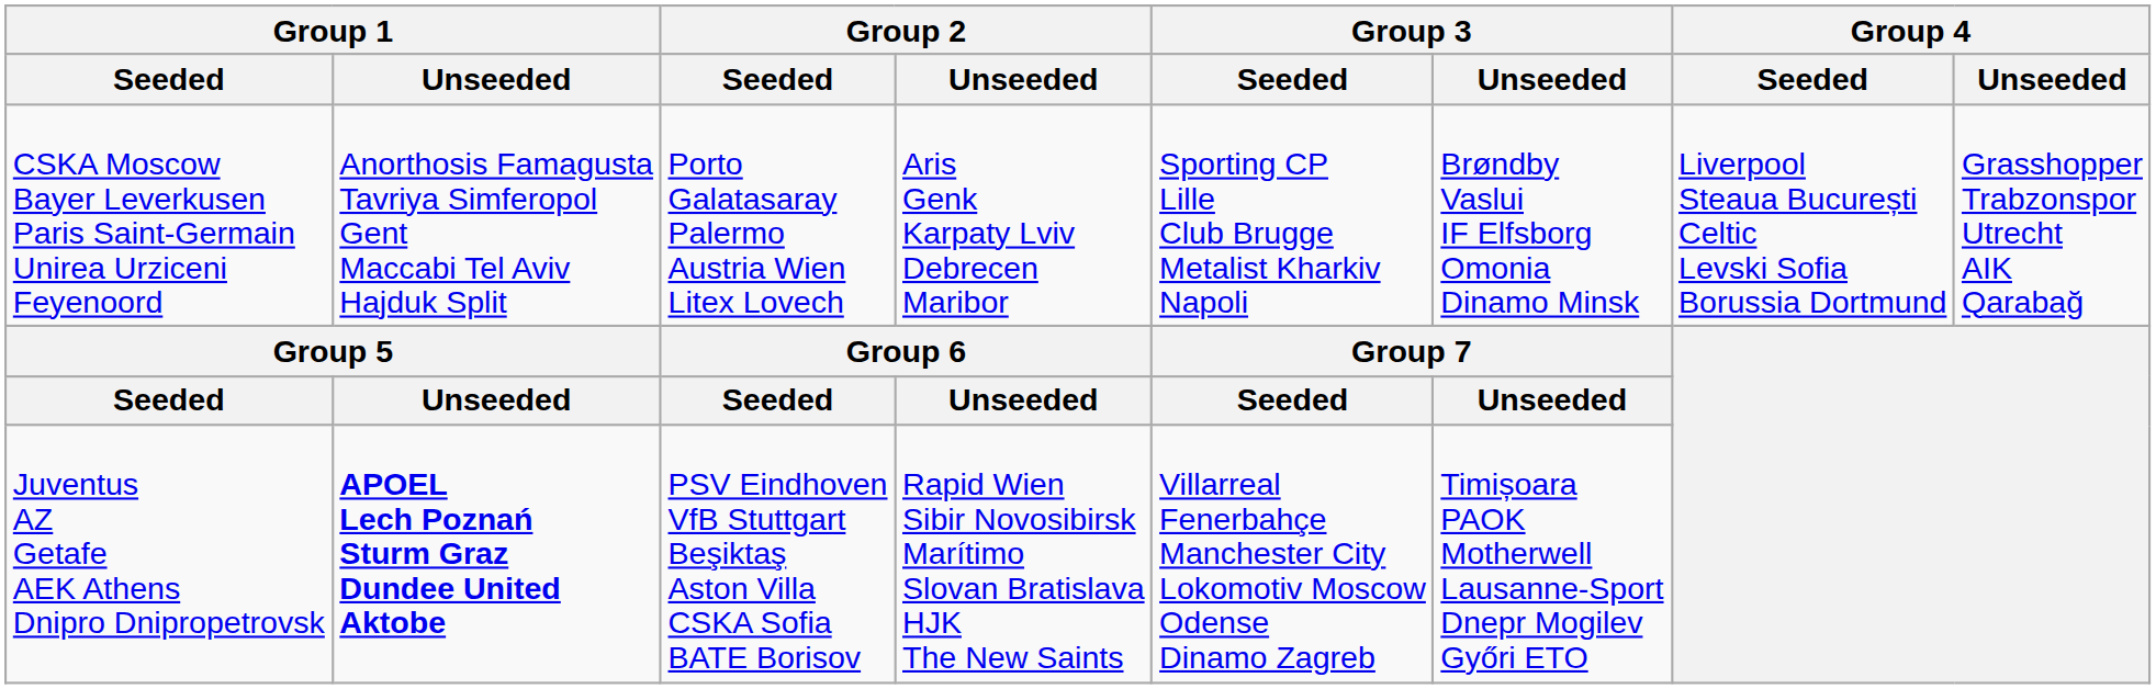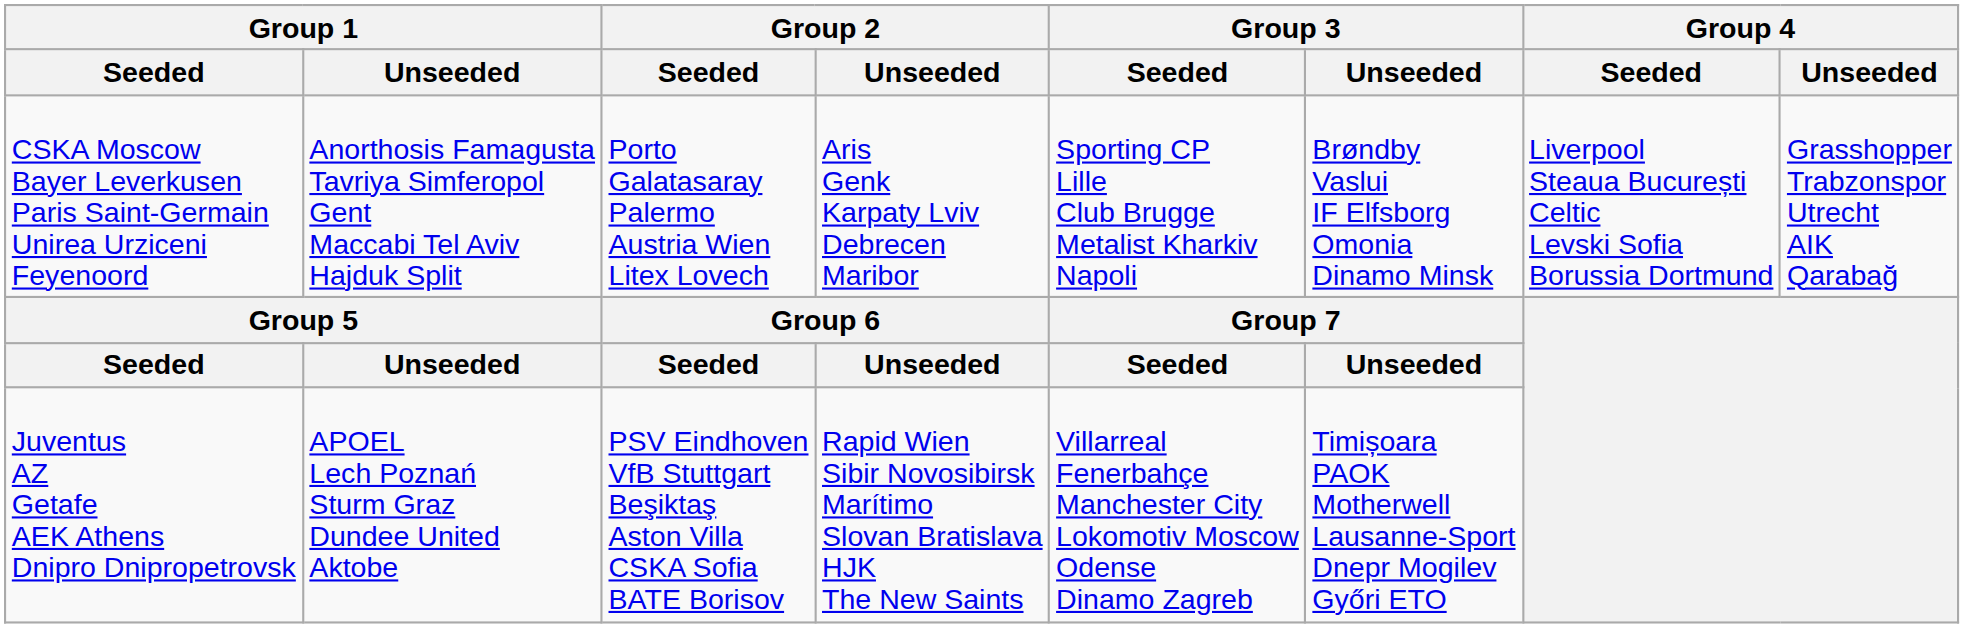 <table class="wikitable" style="font-size:85%">
 <tr>
 <th colspan=2>Group 1</th>
 <th colspan=2>Group 2</th>
 <th colspan=2>Group 3</th>
 <th colspan=2>Group 4</th>
 </tr>
 <tr>
 <th>Seeded</th>
 <th>Unseeded</th>
 <th>Seeded</th>
 <th>Unseeded</th>
 <th>Seeded</th>
 <th>Unseeded</th>
 <th>Seeded</th>
 <th>Unseeded</th>
 </tr>
 <tr>
 <td valign=top><br> <a href='#'>CSKA Moscow</a><br>  <a href='#'>Bayer Leverkusen</a><br>  <a href='#'>Paris Saint-Germain</a><br>  <a href='#'>Unirea Urziceni</a><br>  <a href='#'>Feyenoord</a></td>
 <td valign=top><br> <a href='#'>Anorthosis Famagusta</a><br>  <a href='#'>Tavriya Simferopol</a><br>  <a href='#'>Gent</a><br>  <a href='#'>Maccabi Tel Aviv</a><br>  <a href='#'>Hajduk Split</a></td>
 <td valign=top><br> <a href='#'>Porto</a><br>  <a href='#'>Galatasaray</a><br>  <a href='#'>Palermo</a><br>  <a href='#'>Austria Wien</a><br>  <a href='#'>Litex Lovech</a></td>
 <td valign=top><br> <a href='#'>Aris</a><br>  <a href='#'>Genk</a><br>  <a href='#'>Karpaty Lviv</a><br>  <a href='#'>Debrecen</a><br>  <a href='#'>Maribor</a></td>
 <td valign=top><br> <a href='#'>Sporting CP</a><br>  <a href='#'>Lille</a><br>  <a href='#'>Club Brugge</a><br>  <a href='#'>Metalist Kharkiv</a><br>  <a href='#'>Napoli</a></td>
 <td valign=top><br> <a href='#'>Brøndby</a><br>  <a href='#'>Vaslui</a><br>  <a href='#'>IF Elfsborg</a><br>  <a href='#'>Omonia</a><br>  <a href='#'>Dinamo Minsk</a></td>
 <td valign=top><br> <a href='#'>Liverpool</a><br>  <a href='#'>Steaua București</a><br>  <a href='#'>Celtic</a><br>  <a href='#'>Levski Sofia</a><br>  <a href='#'>Borussia Dortmund</a></td>
 <td valign=top><br> <a href='#'>Grasshopper</a><br>  <a href='#'>Trabzonspor</a><br>  <a href='#'>Utrecht</a><br>  <a href='#'>AIK</a><br>  <a href='#'>Qarabağ</a></td>
 </tr>
 <tr>
 <th colspan=2>Group 5</th>
 <th colspan=2>Group 6</th>
 <th colspan=2>Group 7</th>
 <th rowspan=3 colspan=2> </th>
 </tr>
 <tr>
 <th>Seeded</th>
 <th>Unseeded</th>
 <th>Seeded</th>
 <th>Unseeded</th>
 <th>Seeded</th>
 <th>Unseeded</th>
 </tr>
 <tr>
 <td valign=top><br> <a href='#'>Juventus</a><br>  <a href='#'>AZ</a><br>  <a href='#'>Getafe</a><br>  <a href='#'>AEK Athens</a><br>  <a href='#'>Dnipro Dnipropetrovsk</a></td>
-<td valign=top><strong><br> <a href='#'>APOEL</a><br>  <a href='#'>Lech Poznań</a><br>  <a href='#'>Sturm Graz</a><br>  <a href='#'>Dundee United</a><br>  <a href='#'>Aktobe</a></strong></td>
+<td valign=top><br> <a href='#'>APOEL</a><br>  <a href='#'>Lech Poznań</a><br>  <a href='#'>Sturm Graz</a><br>  <a href='#'>Dundee United</a><br>  <a href='#'>Aktobe</a></td>
 <td valign=top><br> <a href='#'>PSV Eindhoven</a><br>  <a href='#'>VfB Stuttgart</a><br>  <a href='#'>Beşiktaş</a><br>  <a href='#'>Aston Villa</a><br>  <a href='#'>CSKA Sofia</a><br>  <a href='#'>BATE Borisov</a></td>
 <td valign=top><br> <a href='#'>Rapid Wien</a><br>  <a href='#'>Sibir Novosibirsk</a><br>  <a href='#'>Marítimo</a><br>  <a href='#'>Slovan Bratislava</a><br>  <a href='#'>HJK</a><br>  <a href='#'>The New Saints</a></td>
 <td valign=top><br> <a href='#'>Villarreal</a><br>  <a href='#'>Fenerbahçe</a><br>  <a href='#'>Manchester City</a><br>  <a href='#'>Lokomotiv Moscow</a><br>  <a href='#'>Odense</a><br>  <a href='#'>Dinamo Zagreb</a></td>
 <td valign=top><br> <a href='#'>Timișoara</a><br>  <a href='#'>PAOK</a><br>  <a href='#'>Motherwell</a><br>  <a href='#'>Lausanne-Sport</a><br>  <a href='#'>Dnepr Mogilev</a><br>  <a href='#'>Győri ETO</a></td>
 </tr>
 </table>
